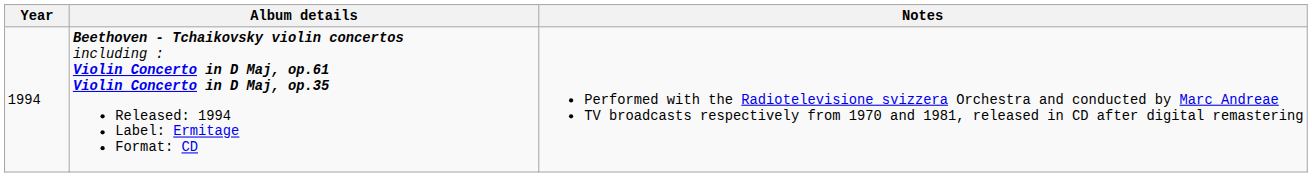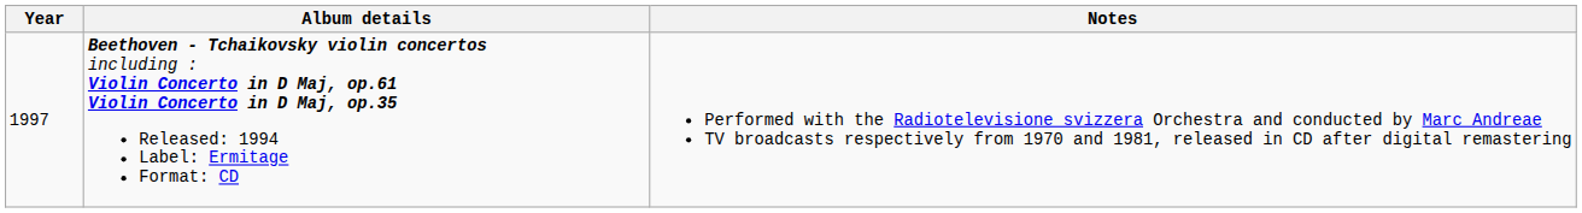 <table class="wikitable sortable" border="1">
 <tr>
 <th width="5%">Year</th>
 <th width="36%">Album details</th>
 <th width="59%" class="unsortable">Notes</th>
 </tr>
 <tr>
-<td>1994</td>
+<td>1997</td>
 <td><strong><em>Beethoven - Tchaikovsky violin concertos</em></strong><br><em>including :</em><br><strong><em><a href='#'>Violin Concerto</a> in D Maj, op.61</em></strong><br><strong><em><a href='#'>Violin Concerto</a> in D Maj, op.35</em></strong><ul><li>Released: 1994</li><li>Label: <a href='#'>Ermitage</a></li><li>Format: <a href='#'>CD</a></li></ul></td>
 <td><br><ul><li>Performed with the <a href='#'>Radiotelevisione svizzera</a> Orchestra and conducted by <a href='#'>Marc Andreae</a></li><li>TV broadcasts respectively from 1970 and 1981, released in CD after digital remastering</li></ul></td>
 </tr>
 </table>
